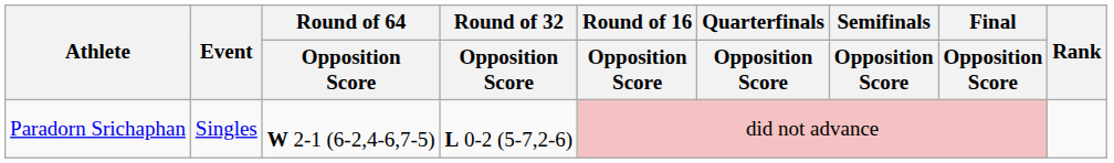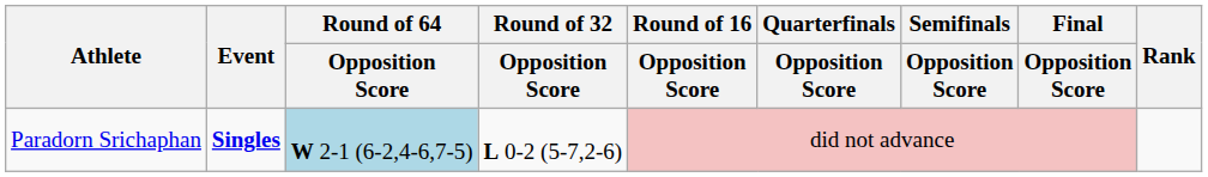 <table class=wikitable style="font-size:90%">
 <tr>
 <th rowspan="2">Athlete</th>
 <th rowspan="2">Event</th>
 <th>Round of 64</th>
 <th>Round of 32</th>
 <th>Round of 16</th>
 <th>Quarterfinals</th>
 <th>Semifinals</th>
 <th>Final</th>
 <th rowspan="2">Rank</th>
 </tr>
 <tr>
 <th>Opposition<br>Score</th>
 <th>Opposition<br>Score</th>
 <th>Opposition<br>Score</th>
 <th>Opposition<br>Score</th>
 <th>Opposition<br>Score</th>
 <th>Opposition<br>Score</th>
 </tr>
 <tr>
 <td><a href='#'>Paradorn Srichaphan</a></td>
-<td><a href='#'>Singles</a></td>
-<td><br> <strong>W</strong> 2-1 (6-2,4-6,7-5)</td>
+<td><strong><a href='#'>Singles</a></strong></td>
+<td style="background: lightblue;"><br> <strong>W</strong> 2-1 (6-2,4-6,7-5)</td>
 <td><br> <strong>L</strong> 0-2 (5-7,2-6)</td>
 <td bgcolor="f4c2c2" colspan="4"  align="center">did not advance</td>
 <td></td>
 </tr>
 </table>
